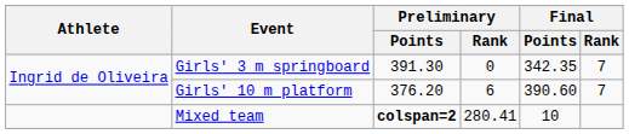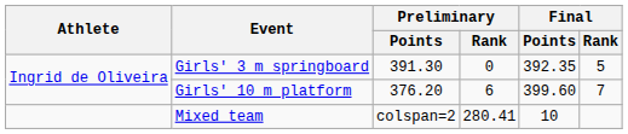 <table class="wikitable" style="font-size:90%;">
 <tr>
 <th rowspan=2>Athlete</th>
 <th rowspan=2>Event</th>
 <th colspan=2>Preliminary</th>
 <th colspan=2>Final</th>
 </tr>
 <tr>
 <th>Points</th>
 <th>Rank</th>
 <th>Points</th>
 <th>Rank</th>
 </tr>
 <tr align=center>
 <td align=left rowspan=2><a href='#'>Ingrid de Oliveira</a></td>
 <td align=left><a href='#'>Girls' 3 m springboard</a></td>
 <td>391.30</td>
 <td>0</td>
-<td>342.35</td>
-<td>7</td>
+<td>392.35</td>
+<td>5</td>
 </tr>
 <tr align=center>
 <td align=left><a href='#'>Girls' 10 m platform</a></td>
 <td>376.20</td>
 <td>6</td>
-<td>390.60</td>
+<td>399.60</td>
 <td>7</td>
 </tr>
 <tr align=center>
 <td align=left><br></td>
 <td align=left><a href='#'>Mixed team</a></td>
-<td><strong>colspan=2 </strong></td>
+<td>colspan=2 </td>
 <td>280.41</td>
 <td>10</td>
 </tr>
 </table>
